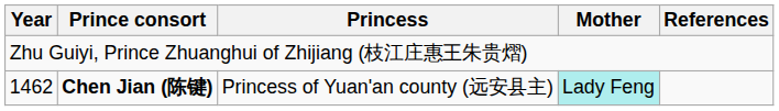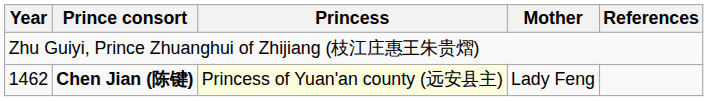 <table class="wikitable">
 <tr>
 <th>Year</th>
 <th>Prince consort</th>
 <th>Princess</th>
 <th>Mother</th>
 <th>References</th>
 </tr>
 <tr>
 <td colspan="5">Zhu Guiyi, Prince Zhuanghui of Zhijiang (枝江庄惠王朱贵熠)</td>
 </tr>
 <tr>
 <td>1462</td>
 <td><strong>Chen Jian (陈键)</strong></td>
-<td>Princess of Yuan'an county (远安县主)</td>
-<td style="background: paleturquoise;">Lady Feng</td>
+<td style="background: lightyellow;">Princess of Yuan'an county (远安县主)</td>
+<td>Lady Feng</td>
 <td></td>
 </tr>
 </table>
